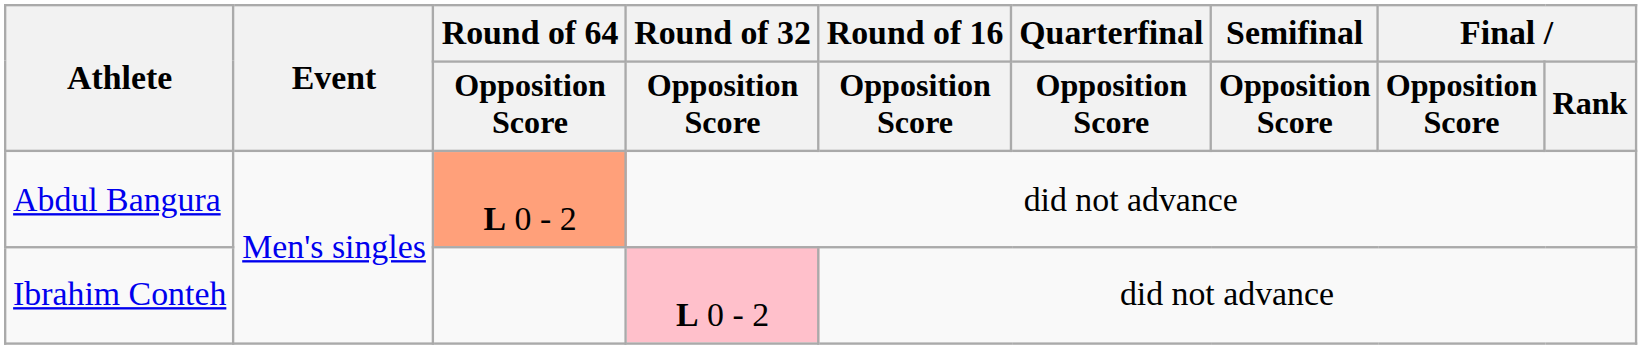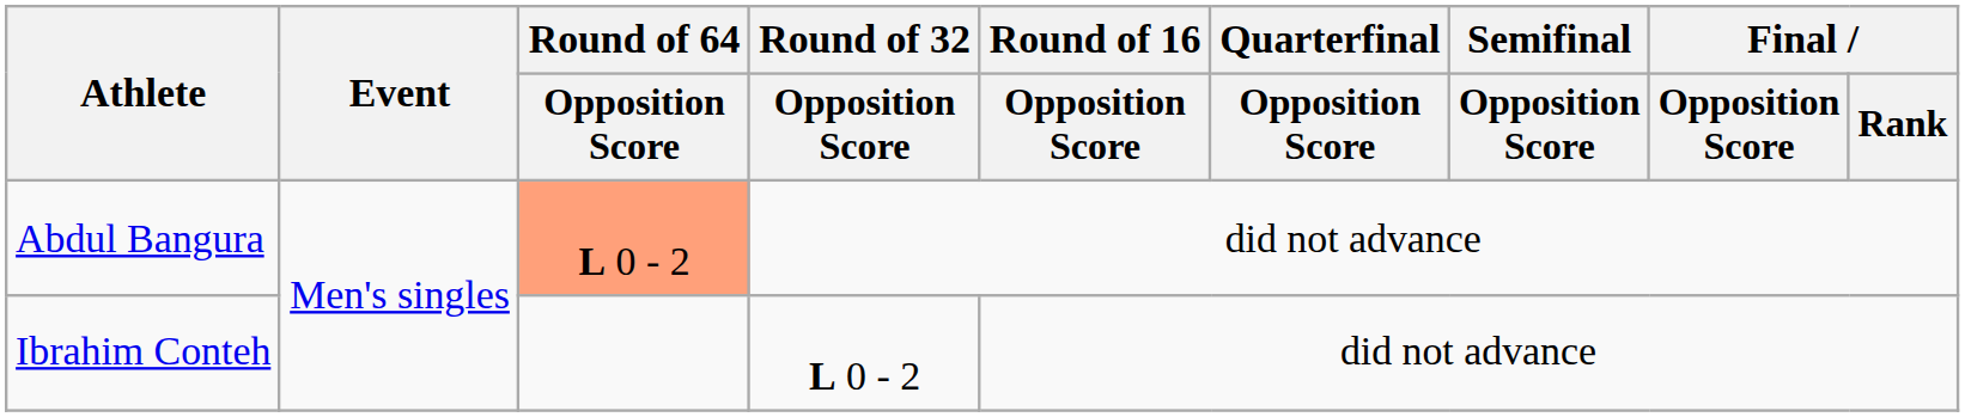 <table class=wikitable style="font-size:90%">
 <tr>
 <th rowspan=2>Athlete</th>
 <th rowspan=2>Event</th>
 <th>Round of 64</th>
 <th>Round of 32</th>
 <th>Round of 16</th>
 <th>Quarterfinal</th>
 <th>Semifinal</th>
 <th colspan=2>Final / </th>
 </tr>
 <tr style="font-size:95%">
 <th>Opposition<br>Score</th>
 <th>Opposition<br>Score</th>
 <th>Opposition<br>Score</th>
 <th>Opposition<br>Score</th>
 <th>Opposition<br>Score</th>
 <th>Opposition<br>Score</th>
 <th>Rank</th>
 </tr>
 <tr align=center>
 <td align=left><a href='#'>Abdul Bangura</a></td>
 <td align=left rowspan=2><a href='#'>Men's singles</a></td>
 <td style="background: lightsalmon;"><br><strong>L</strong> 0 - 2</td>
 <td colspan=6>did not advance</td>
 </tr>
 <tr align=center>
 <td align=left><a href='#'>Ibrahim Conteh</a></td>
 <td></td>
-<td style="background: pink;"><br><strong>L</strong> 0 - 2</td>
+<td><br><strong>L</strong> 0 - 2</td>
 <td colspan=5>did not advance</td>
 </tr>
 </table>
